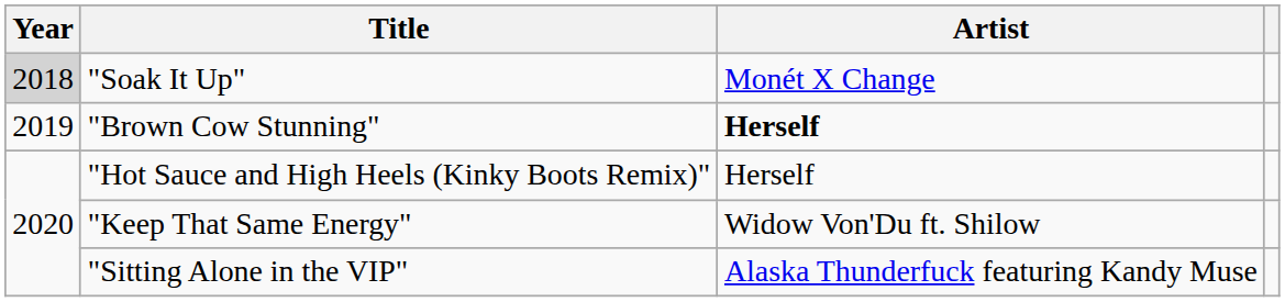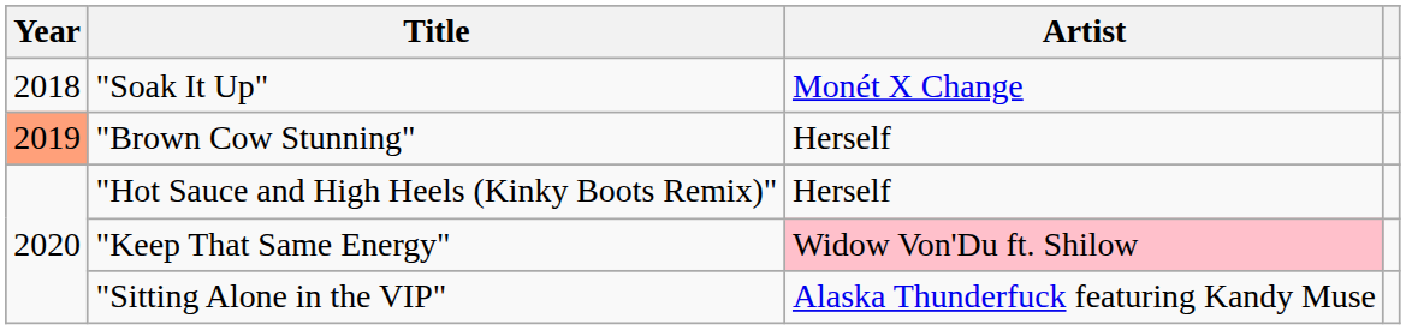 <table class="wikitable plainrowheaders sortable">
 <tr>
 <th scope="col">Year</th>
 <th scope="col">Title</th>
 <th scope="col">Artist</th>
 <th style="text-align: center;" class="unsortable"></th>
 </tr>
 <tr>
-<td style="background: lightgrey;">2018</td>
+<td>2018</td>
 <td>"Soak It Up"</td>
 <td><a href='#'>Monét X Change</a></td>
 <td style="text-align: center;"></td>
 </tr>
 <tr>
-<td>2019</td>
+<td style="background: lightsalmon;">2019</td>
 <td>"Brown Cow Stunning"</td>
-<td><strong>Herself</strong></td>
+<td>Herself</td>
 <td style="text-align: center;"></td>
 </tr>
 <tr>
 <td rowspan="3">2020</td>
 <td>"Hot Sauce and High Heels (Kinky Boots Remix)"</td>
 <td>Herself</td>
 <td style="text-align: center;"></td>
 </tr>
 <tr>
 <td>"Keep That Same Energy"</td>
-<td>Widow Von'Du ft. Shilow</td>
+<td style="background: pink;">Widow Von'Du ft. Shilow</td>
 <td style="text-align: center;"></td>
 </tr>
 <tr>
 <td>"Sitting Alone in the VIP"</td>
 <td><a href='#'>Alaska Thunderfuck</a> featuring Kandy Muse</td>
 <td style="text-align: center;"></td>
 </tr>
 </table>
